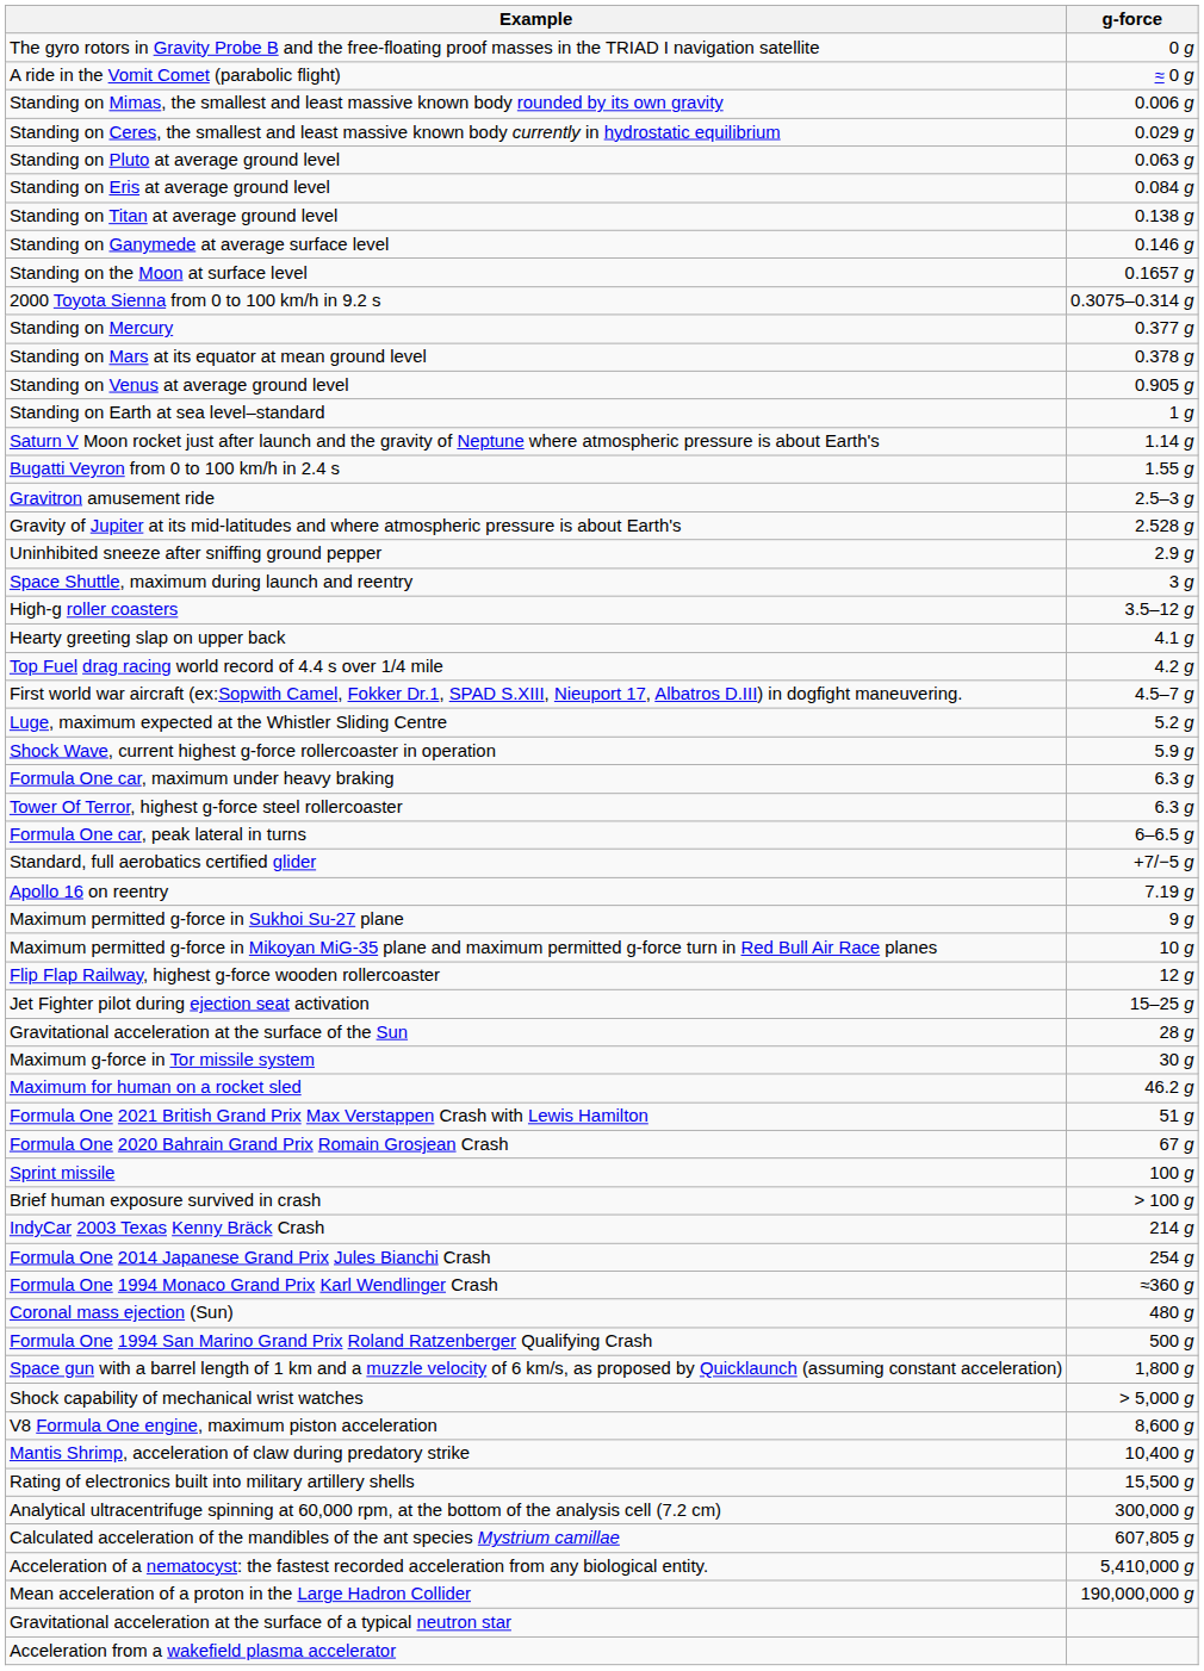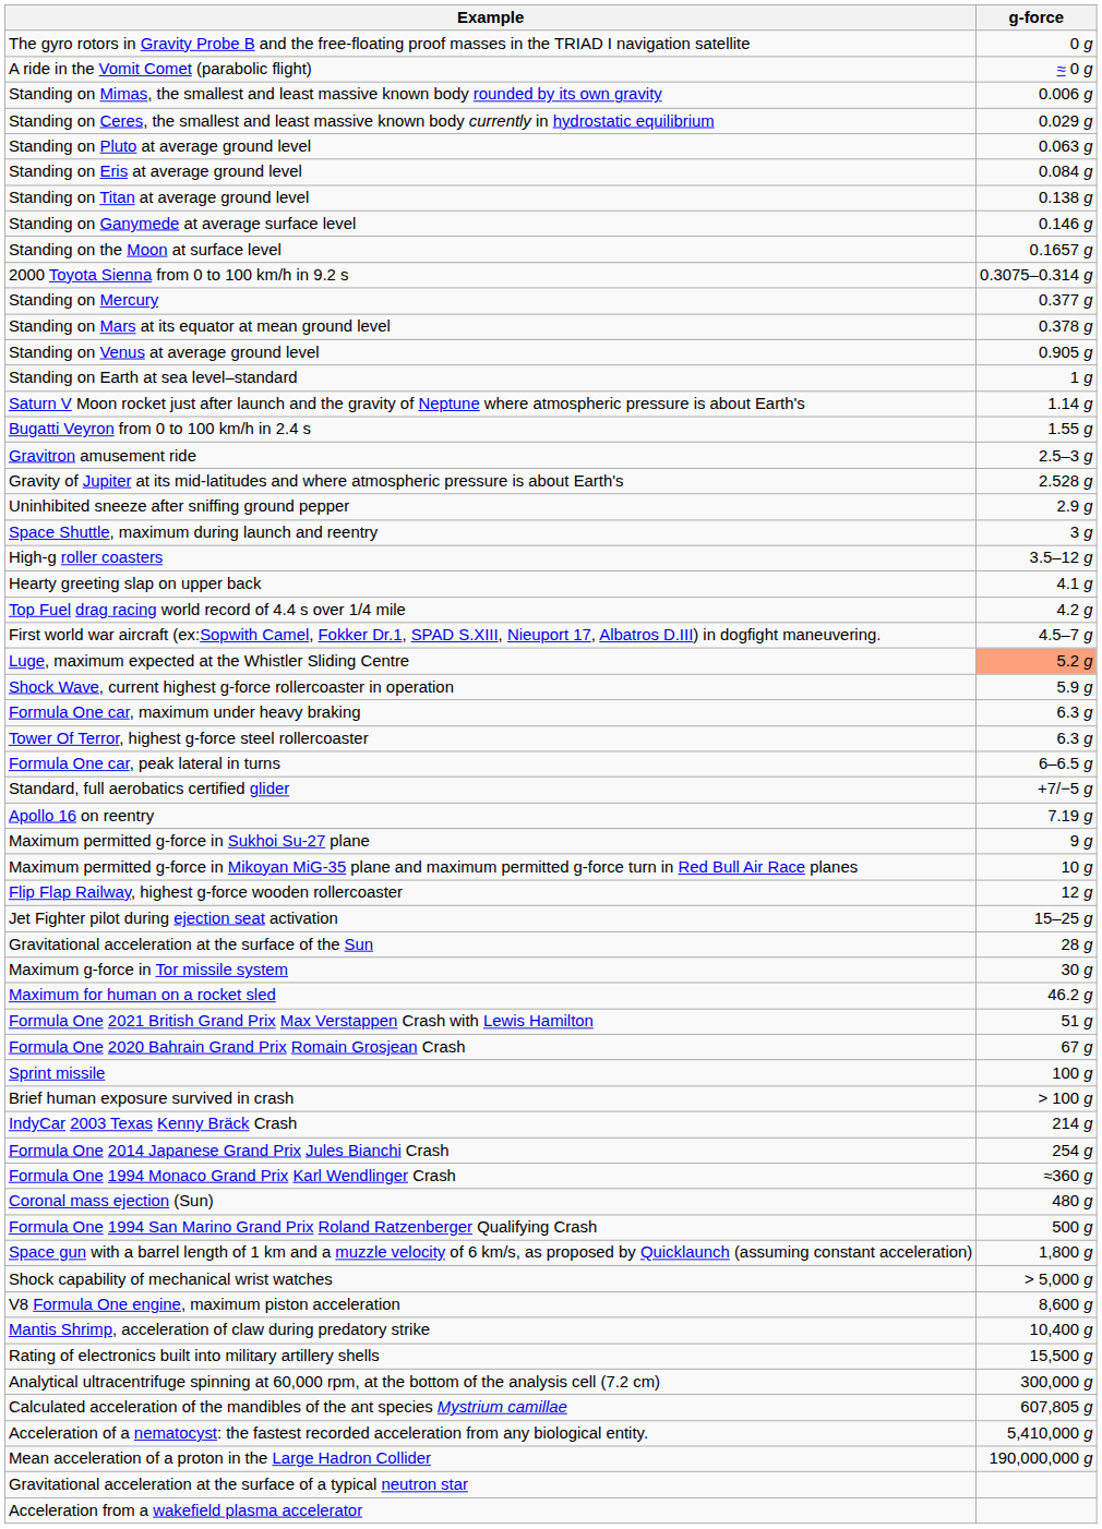 <table class="wikitable sortable">
 <tr>
 <th>Example</th>
 <th>g-force</th>
 </tr>
 <tr>
 <td>The gyro rotors in <a href='#'>Gravity Probe B</a> and the free-floating proof masses in the TRIAD I navigation satellite</td>
 <td align="right">0 <em>g</em></td>
 </tr>
 <tr>
 <td>A ride in the <a href='#'>Vomit Comet</a> (parabolic flight)</td>
 <td align="right"><a href='#'>≈</a> 0 <em>g</em></td>
 </tr>
 <tr>
 <td>Standing on <a href='#'>Mimas</a>, the smallest and least massive known body <a href='#'>rounded by its own gravity</a></td>
 <td align="right">0.006 <em>g</em></td>
 </tr>
 <tr>
 <td>Standing on <a href='#'>Ceres</a>, the smallest and least massive known body <em>currently</em> in <a href='#'>hydrostatic equilibrium</a></td>
 <td align="right">0.029 <em>g</em></td>
 </tr>
 <tr>
 <td>Standing on <a href='#'>Pluto</a> at average ground level</td>
 <td align="right">0.063 <em>g</em></td>
 </tr>
 <tr>
 <td>Standing on <a href='#'>Eris</a> at average ground level</td>
 <td align="right">0.084 <em>g</em></td>
 </tr>
 <tr>
 <td>Standing on <a href='#'>Titan</a> at average ground level</td>
 <td align="right">0.138 <em>g</em></td>
 </tr>
 <tr>
 <td>Standing on <a href='#'>Ganymede</a> at average surface level</td>
 <td align="right">0.146 <em>g</em></td>
 </tr>
 <tr>
 <td>Standing on the <a href='#'>Moon</a> at surface level</td>
 <td align="right">0.1657 <em>g</em></td>
 </tr>
 <tr>
 <td>2000 <a href='#'>Toyota Sienna</a> from 0 to 100 km/h in 9.2 s</td>
 <td align="right">0.3075–0.314 <em>g</em></td>
 </tr>
 <tr>
 <td>Standing on <a href='#'>Mercury</a></td>
 <td align="right">0.377 <em>g</em></td>
 </tr>
 <tr>
 <td>Standing on <a href='#'>Mars</a> at its equator at mean ground level</td>
 <td align="right">0.378 <em>g</em></td>
 </tr>
 <tr>
 <td>Standing on <a href='#'>Venus</a> at average ground level</td>
 <td align="right">0.905 <em>g</em></td>
 </tr>
 <tr>
 <td>Standing on Earth at sea level–standard</td>
 <td align="right">1 <em>g</em></td>
 </tr>
 <tr>
 <td><a href='#'>Saturn V</a> Moon rocket just after launch and the gravity of <a href='#'>Neptune</a> where atmospheric pressure is about Earth's</td>
 <td align="right">1.14 <em>g</em></td>
 </tr>
 <tr>
 <td><a href='#'>Bugatti Veyron</a> from 0 to 100 km/h in 2.4 s</td>
 <td align="right">1.55 <em>g</em></td>
 </tr>
 <tr>
 <td><a href='#'>Gravitron</a> amusement ride</td>
 <td align="right">2.5–3 <em>g</em></td>
 </tr>
 <tr>
 <td>Gravity of <a href='#'>Jupiter</a> at its mid-latitudes and where atmospheric pressure is about Earth's</td>
 <td align="right">2.528 <em>g</em></td>
 </tr>
 <tr>
 <td>Uninhibited sneeze after sniffing ground pepper</td>
 <td align="right">2.9 <em>g</em></td>
 </tr>
 <tr>
 <td><a href='#'>Space Shuttle</a>, maximum during launch and reentry</td>
 <td align="right">3 <em>g</em></td>
 </tr>
 <tr>
 <td>High-g <a href='#'>roller coasters</a></td>
 <td align="right">3.5–12 <em>g</em></td>
 </tr>
 <tr>
 <td>Hearty greeting slap on upper back</td>
 <td align="right">4.1 <em>g</em></td>
 </tr>
 <tr>
 <td><a href='#'>Top Fuel</a> <a href='#'>drag racing</a> world record of 4.4 s over 1/4 mile</td>
 <td align="right">4.2 <em>g</em></td>
 </tr>
 <tr>
 <td>First world war aircraft (ex:<a href='#'>Sopwith Camel</a>, <a href='#'>Fokker Dr.1</a>, <a href='#'>SPAD S.XIII</a>, <a href='#'>Nieuport 17</a>, <a href='#'>Albatros D.III</a>) in dogfight maneuvering.</td>
 <td align="right">4.5–7 <em>g</em></td>
 </tr>
 <tr>
 <td><a href='#'>Luge</a>, maximum expected at the Whistler Sliding Centre</td>
-<td align="right">5.2 <em>g</em></td>
+<td align="right" style="background: lightsalmon;">5.2 <em>g</em></td>
 </tr>
 <tr>
 <td><a href='#'>Shock Wave</a>, current highest g-force rollercoaster in operation</td>
 <td align="right">5.9 <em>g</em></td>
 </tr>
 <tr>
 <td><a href='#'>Formula One car</a>, maximum under heavy braking</td>
 <td align="right">6.3 <em>g</em></td>
 </tr>
 <tr>
 <td><a href='#'>Tower Of Terror</a>, highest g-force steel rollercoaster</td>
 <td align="right">6.3 <em>g</em></td>
 </tr>
 <tr>
 <td><a href='#'>Formula One car</a>, peak lateral in turns</td>
 <td align="right">6–6.5 <em>g</em></td>
 </tr>
 <tr>
 <td>Standard, full aerobatics certified <a href='#'>glider</a></td>
 <td align="right">+7/−5 <em>g</em></td>
 </tr>
 <tr>
 <td><a href='#'>Apollo 16</a> on reentry</td>
 <td align="right">7.19 <em>g</em></td>
 </tr>
 <tr>
 <td>Maximum permitted g-force in <a href='#'>Sukhoi Su-27</a> plane</td>
 <td align="right">9 <em>g</em></td>
 </tr>
 <tr>
 <td>Maximum permitted g-force in <a href='#'>Mikoyan MiG-35</a> plane and maximum permitted g-force turn in <a href='#'>Red Bull Air Race</a> planes</td>
 <td align="right">10 <em>g</em></td>
 </tr>
 <tr>
 <td><a href='#'>Flip Flap Railway</a>, highest g-force wooden rollercoaster</td>
 <td align="right">12 <em>g</em></td>
 </tr>
 <tr>
 <td>Jet Fighter pilot during <a href='#'>ejection seat</a> activation</td>
 <td align="right">15–25 <em>g</em></td>
 </tr>
 <tr>
 <td>Gravitational acceleration at the surface of the <a href='#'>Sun</a></td>
 <td align="right">28 <em>g</em></td>
 </tr>
 <tr>
 <td>Maximum g-force in <a href='#'>Tor missile system</a></td>
 <td align="right">30 <em>g</em></td>
 </tr>
 <tr>
 <td><a href='#'>Maximum for human on a rocket sled</a></td>
 <td align="right">46.2 <em>g</em></td>
 </tr>
 <tr>
 <td><a href='#'>Formula One</a> <a href='#'>2021 British Grand Prix</a> <a href='#'>Max Verstappen</a> Crash with <a href='#'>Lewis Hamilton</a></td>
 <td align="right">51 <em>g</em></td>
 </tr>
 <tr>
 <td><a href='#'>Formula One</a> <a href='#'>2020 Bahrain Grand Prix</a> <a href='#'>Romain Grosjean</a> Crash</td>
 <td align="right">67 <em>g</em></td>
 </tr>
 <tr>
 <td><a href='#'>Sprint missile</a></td>
 <td align="right">100 <em>g</em></td>
 </tr>
 <tr>
 <td>Brief human exposure survived in crash</td>
 <td align="right">> 100 <em>g</em></td>
 </tr>
 <tr>
 <td><a href='#'>IndyCar</a> <a href='#'>2003 Texas</a> <a href='#'>Kenny Bräck</a> Crash</td>
 <td align="right">214 <em>g</em></td>
 </tr>
 <tr>
 <td><a href='#'>Formula One</a> <a href='#'>2014 Japanese Grand Prix</a> <a href='#'>Jules Bianchi</a> Crash</td>
 <td align="right">254 <em>g</em></td>
 </tr>
 <tr>
 <td><a href='#'>Formula One</a> <a href='#'>1994 Monaco Grand Prix</a> <a href='#'>Karl Wendlinger</a> Crash</td>
 <td align="right">≈360 <em>g</em></td>
 </tr>
 <tr>
 <td><a href='#'>Coronal mass ejection</a> (Sun)</td>
 <td align="right">480 <em>g</em></td>
 </tr>
 <tr>
 <td><a href='#'>Formula One</a> <a href='#'>1994 San Marino Grand Prix</a> <a href='#'>Roland Ratzenberger</a> Qualifying Crash</td>
 <td align="right">500 <em>g</em></td>
 </tr>
 <tr>
 <td><a href='#'>Space gun</a> with a barrel length of 1 km and a <a href='#'>muzzle velocity</a> of 6 km/s, as proposed by <a href='#'>Quicklaunch</a> (assuming constant acceleration)</td>
 <td align="right">1,800 <em>g</em></td>
 </tr>
 <tr>
 <td>Shock capability of mechanical wrist watches</td>
 <td align="right">> 5,000 <em>g</em></td>
 </tr>
 <tr>
 <td>V8 <a href='#'>Formula One engine</a>, maximum piston acceleration</td>
 <td align="right">8,600 <em>g</em></td>
 </tr>
 <tr>
 <td><a href='#'>Mantis Shrimp</a>, acceleration of claw during predatory strike</td>
 <td align="right">10,400 <em>g</em></td>
 </tr>
 <tr>
 <td>Rating of electronics built into military artillery shells</td>
 <td align="right">15,500 <em>g</em></td>
 </tr>
 <tr>
 <td>Analytical ultracentrifuge spinning at 60,000 rpm, at the bottom of the analysis cell (7.2 cm)</td>
 <td align="right">300,000 <em>g</em></td>
 </tr>
 <tr>
 <td>Calculated acceleration of the mandibles of the ant species <em><a href='#'>Mystrium camillae</a></em></td>
 <td align="right">607,805 <em>g</em></td>
 </tr>
 <tr>
 <td>Acceleration of a <a href='#'>nematocyst</a>: the fastest recorded acceleration from any biological entity.</td>
 <td align="right">5,410,000 <em>g</em></td>
 </tr>
 <tr>
 <td>Mean acceleration of a proton in the <a href='#'>Large Hadron Collider</a></td>
 <td align="right">190,000,000 <em>g</em></td>
 </tr>
 <tr>
 <td>Gravitational acceleration at the surface of a typical <a href='#'>neutron star</a></td>
 <td align="right"></td>
 </tr>
 <tr>
 <td>Acceleration from a <a href='#'>wakefield plasma accelerator</a></td>
 <td align="right"></td>
 </tr>
 </table>
